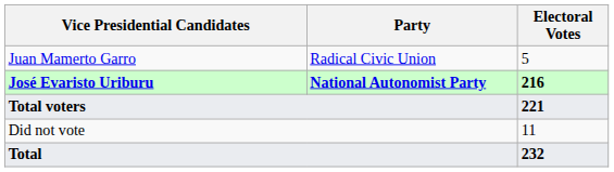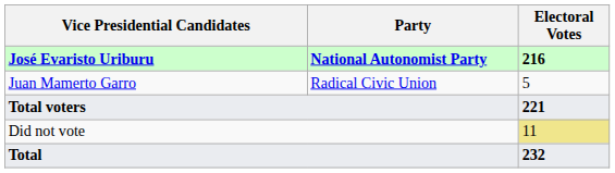 <table class="wikitable" width="50%">
 <tr>
 <th width="50%">Vice Presidential Candidates</th>
 <th width="35%">Party</th>
 <th width="15%">Electoral Votes</th>
 </tr>
+<tr style="background:#cfc;">
+<td><strong><a href='#'>José Evaristo Uriburu</a></strong></td>
+<td><strong><a href='#'>National Autonomist Party</a></strong></td>
+<td><strong>216</strong></td>
+</tr>
 <tr>
 <td><a href='#'>Juan Mamerto Garro</a></td>
 <td><a href='#'>Radical Civic Union</a></td>
 <td>5</td>
-</tr>
-<tr style="background:#cfc;">
-<td><strong><a href='#'>José Evaristo Uriburu</a></strong></td>
-<td><strong><a href='#'>National Autonomist Party</a></strong></td>
-<td><strong>216</strong></td>
 </tr>
 <tr style="background:#EAECF0;">
 <td colspan=2><strong>Total voters</strong></td>
 <td><strong>221</strong></td>
 </tr>
 <tr>
 <td colspan=2>Did not vote</td>
-<td>11</td>
+<td style="background: khaki;">11</td>
 </tr>
 <tr style="background:#EAECF0;">
 <td colspan=2><strong>Total</strong></td>
 <td><strong>232</strong></td>
 </tr>
 </table>
